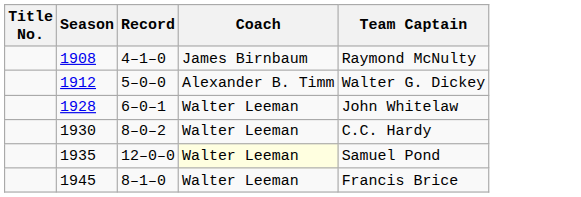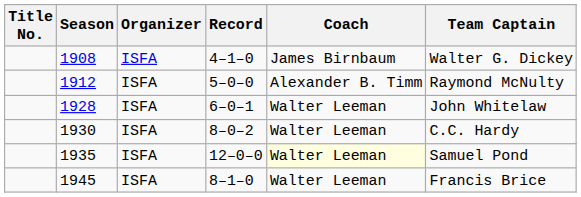 <table class="wikitable" style="width: %;">
 <tr>
 <th>Title<br>No.</th>
 <th>Season</th>
+<th>Organizer</th>
 <th>Record</th>
 <th>Coach</th>
 <th>Team Captain</th>
 </tr>
 <tr>
 <td></td>
 <td><a href='#'>1908</a></td>
+<td><a href='#'>ISFA</a></td>
 <td>4–1–0</td>
 <td>James Birnbaum</td>
+<td>Walter G. Dickey</td>
+</tr>
+<tr>
+<td></td>
+<td><a href='#'>1912</a></td>
+<td>ISFA</td>
+<td>5–0–0</td>
+<td>Alexander B. Timm</td>
 <td>Raymond McNulty</td>
 </tr>
 <tr>
 <td></td>
-<td><a href='#'>1912</a></td>
-<td>5–0–0</td>
-<td>Alexander B. Timm</td>
-<td>Walter G. Dickey</td>
-</tr>
-<tr>
-<td></td>
 <td><a href='#'>1928</a></td>
+<td>ISFA</td>
 <td>6–0–1</td>
 <td>Walter Leeman</td>
 <td>John Whitelaw</td>
 </tr>
 <tr>
 <td></td>
 <td>1930</td>
+<td>ISFA</td>
 <td>8–0–2</td>
 <td>Walter Leeman</td>
 <td>C.C. Hardy</td>
 </tr>
 <tr>
 <td></td>
 <td>1935</td>
+<td>ISFA</td>
 <td>12–0–0</td>
 <td style="background: lightyellow;">Walter Leeman</td>
 <td>Samuel Pond</td>
 </tr>
 <tr>
 <td></td>
 <td>1945</td>
+<td>ISFA</td>
 <td>8–1–0</td>
 <td>Walter Leeman</td>
 <td>Francis Brice</td>
 </tr>
 </table>
